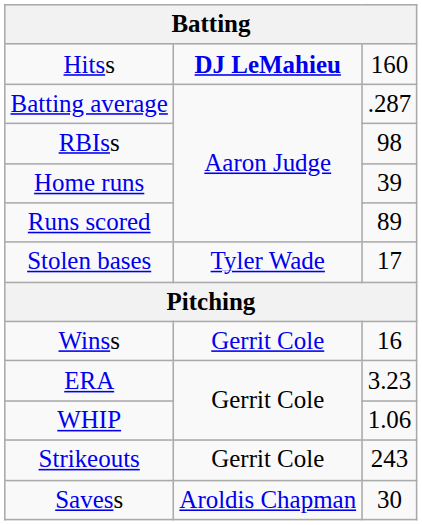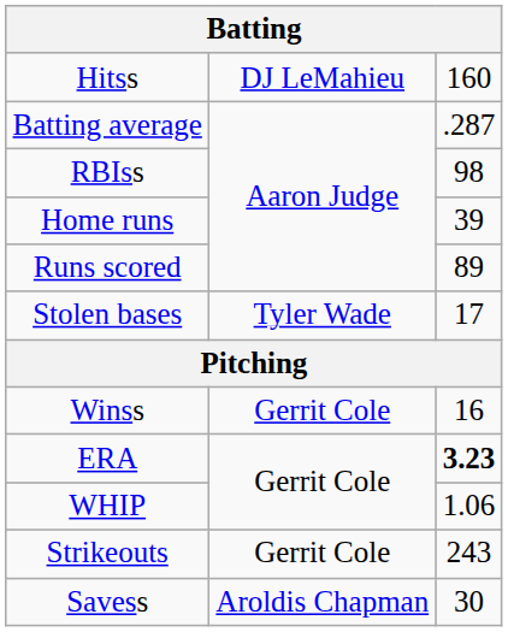 <table class="wikitable" style="text-align:center;">
 <tr>
 <th colspan=3>Batting</th>
 </tr>
 <tr>
 <td><a href='#'>Hits</a>s</td>
-<td><strong><a href='#'>DJ LeMahieu</a></strong></td>
+<td><a href='#'>DJ LeMahieu</a></td>
 <td>160</td>
 </tr>
 <tr>
 <td><a href='#'>Batting average</a></td>
 <td rowspan=4><a href='#'>Aaron Judge</a></td>
 <td>.287</td>
 </tr>
 <tr>
 <td><a href='#'>RBIs</a>s</td>
 <td>98</td>
 </tr>
 <tr>
 <td><a href='#'>Home runs</a></td>
 <td>39</td>
 </tr>
 <tr>
 <td><a href='#'>Runs scored</a></td>
 <td>89</td>
 </tr>
 <tr>
 <td><a href='#'>Stolen bases</a></td>
 <td><a href='#'>Tyler Wade</a></td>
 <td>17</td>
 </tr>
 <tr>
 <th colspan=3>Pitching</th>
 </tr>
 <tr>
 <td><a href='#'>Wins</a>s</td>
 <td><a href='#'>Gerrit Cole</a></td>
 <td>16</td>
 </tr>
 <tr>
 <td><a href='#'>ERA</a></td>
 <td rowspan=2>Gerrit Cole</td>
-<td>3.23</td>
+<td><strong>3.23</strong></td>
 </tr>
 <tr>
 <td><a href='#'>WHIP</a></td>
 <td>1.06</td>
 </tr>
 <tr>
 <td><a href='#'>Strikeouts</a></td>
 <td>Gerrit Cole</td>
 <td>243</td>
 </tr>
 <tr>
 <td><a href='#'>Saves</a>s</td>
 <td><a href='#'>Aroldis Chapman</a></td>
 <td>30</td>
 </tr>
 </table>
